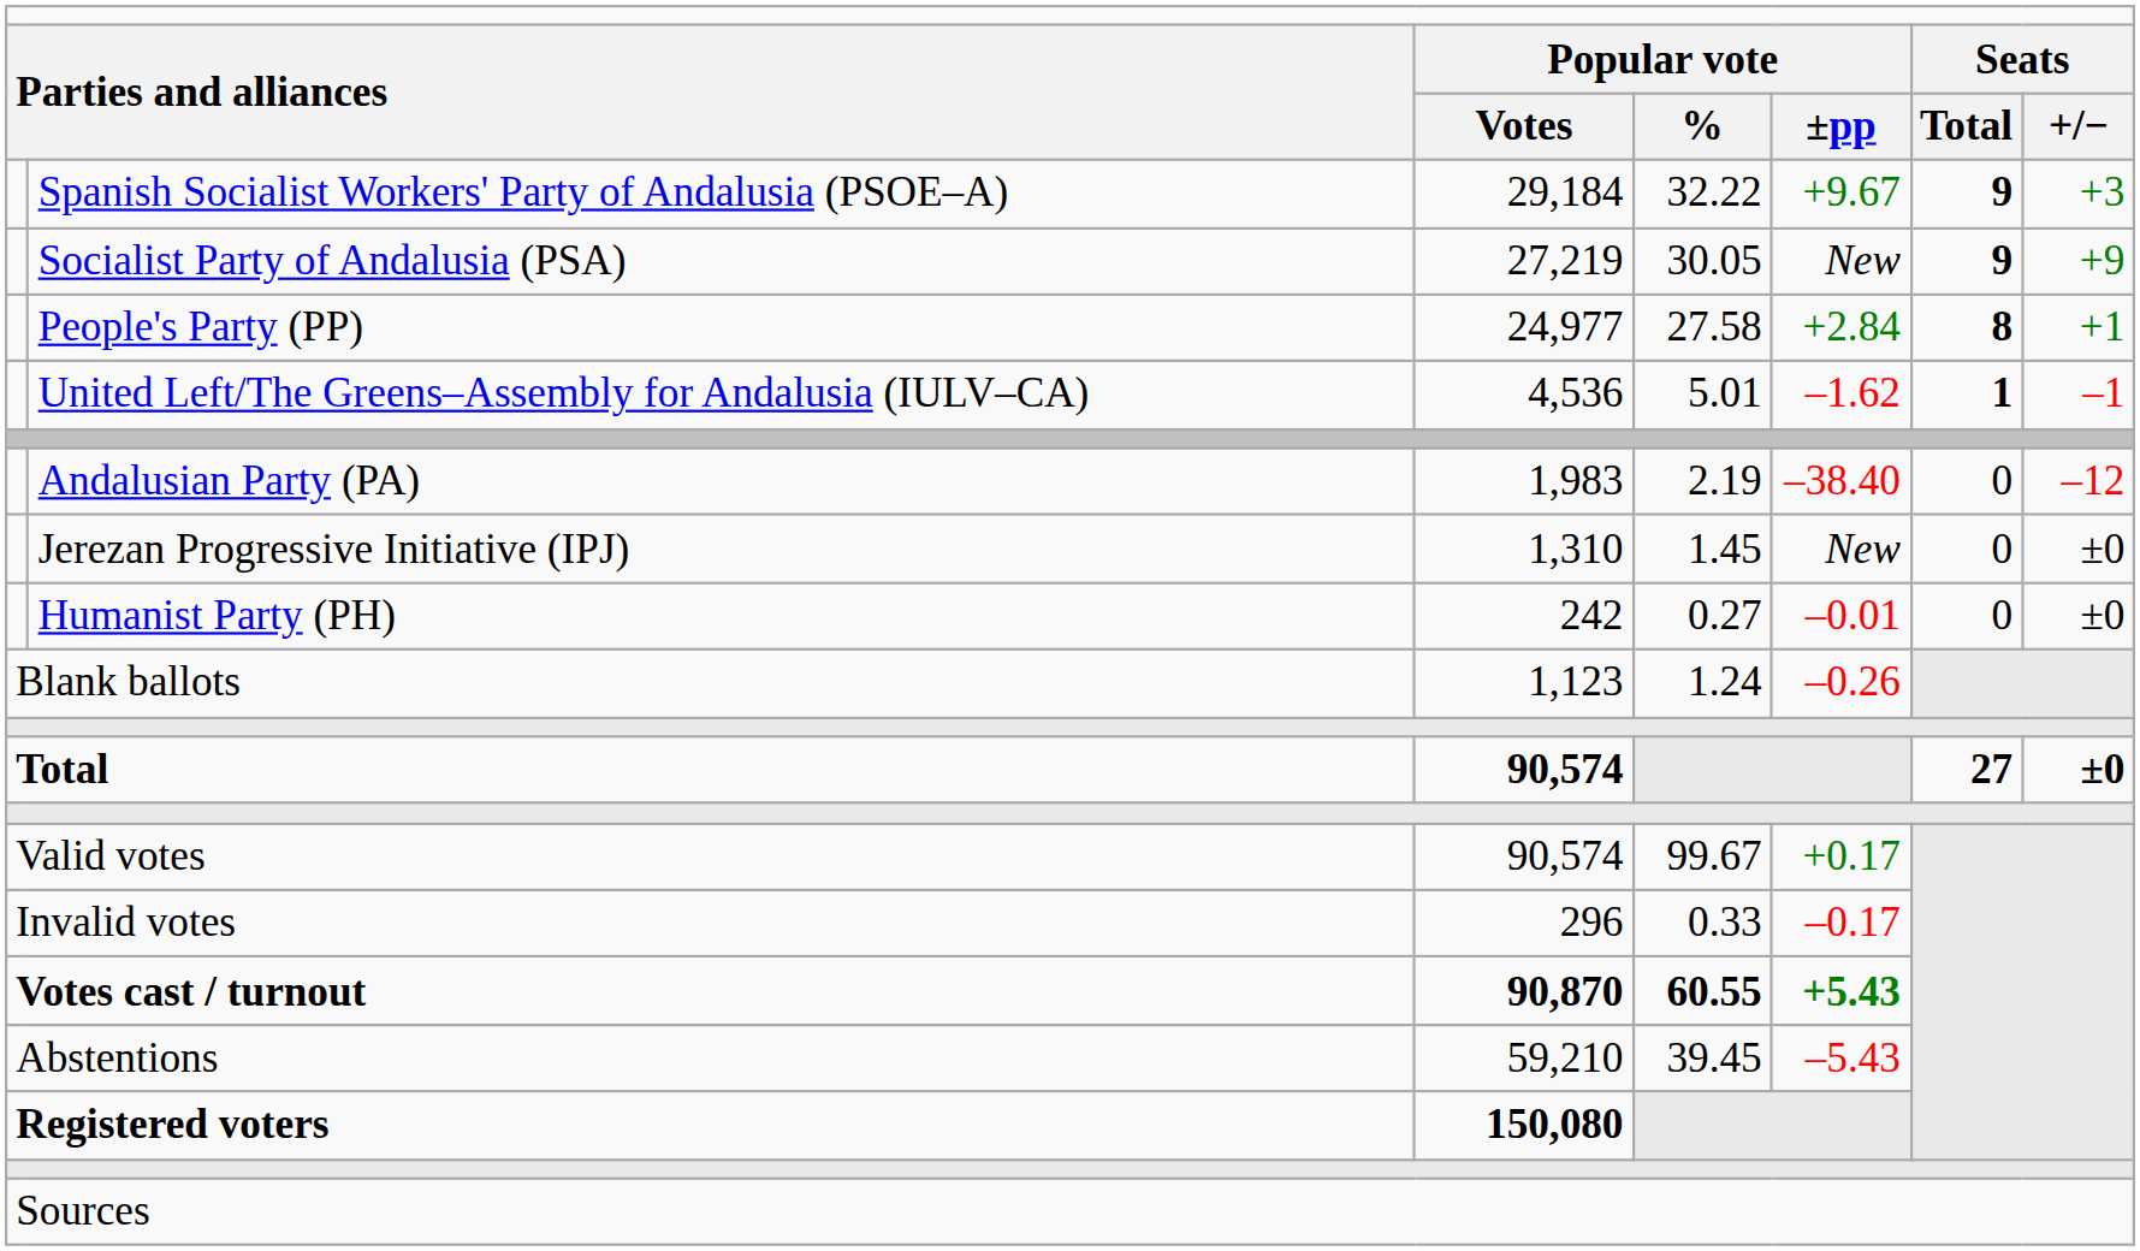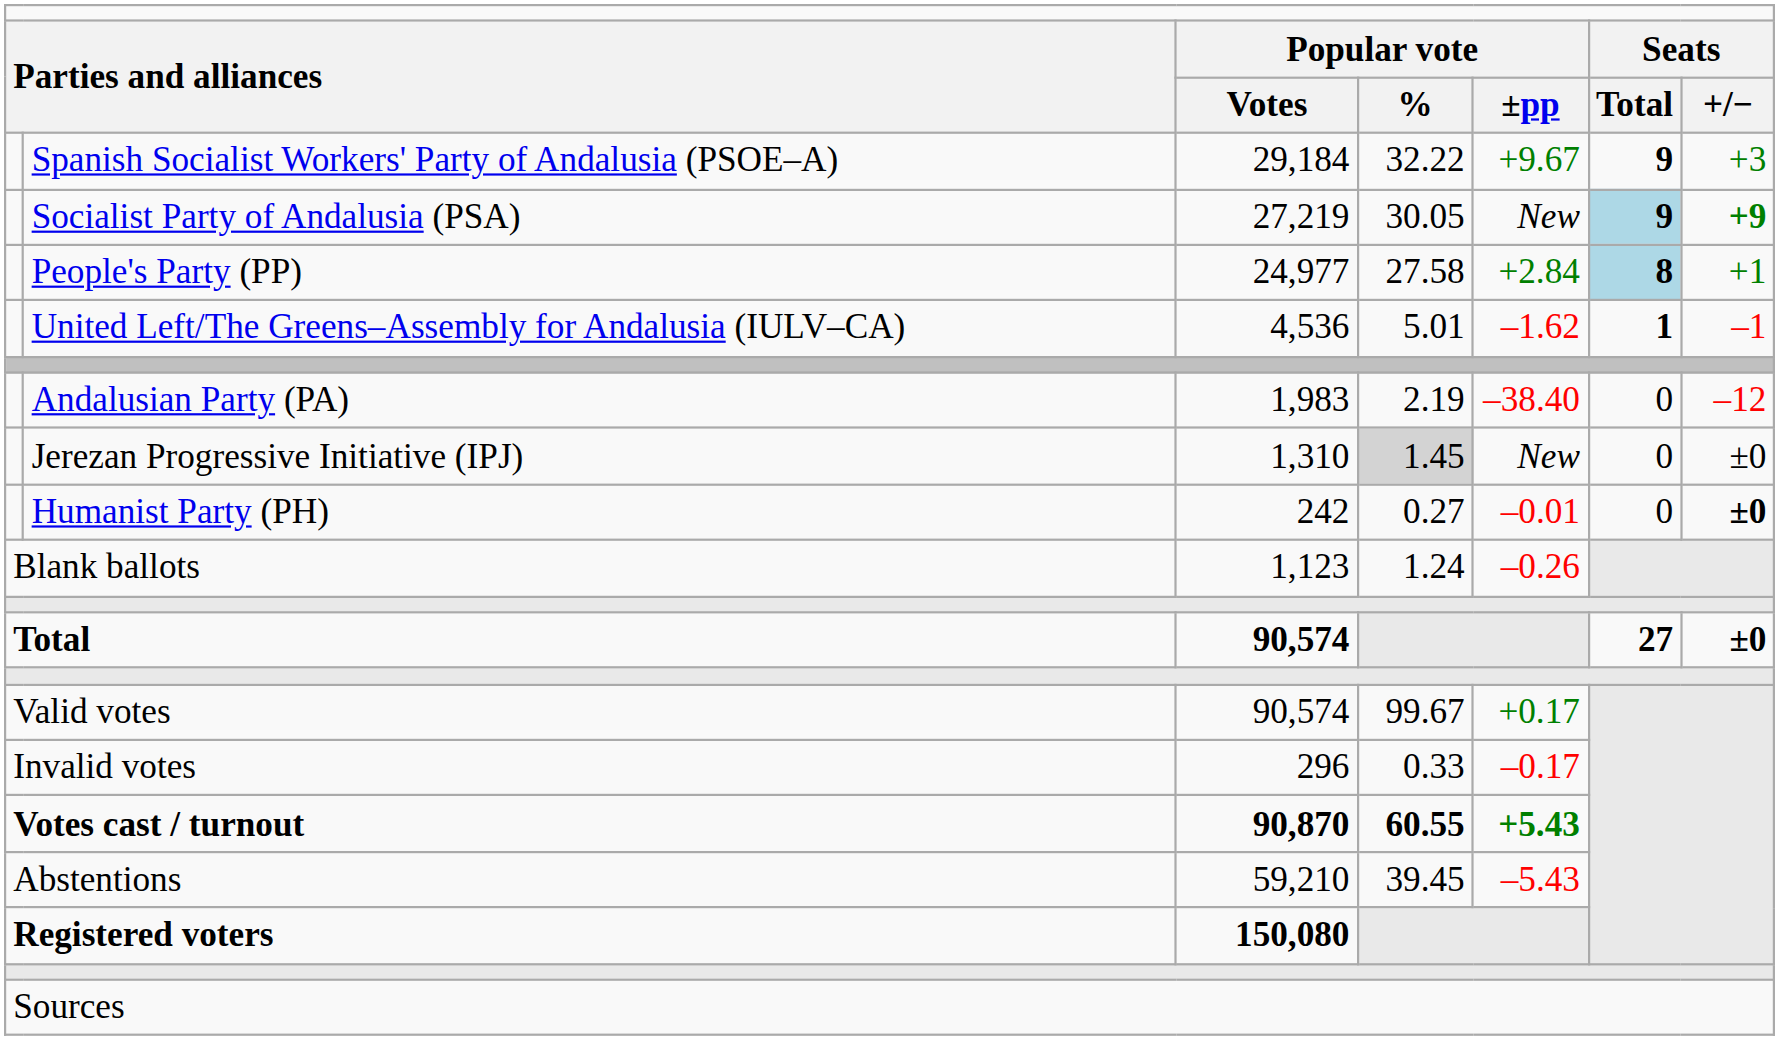 <table class="wikitable" style="text-align:right;">
 <tr>
 <td colspan="7"></td>
 </tr>
 <tr>
 <th style="text-align:left;" rowspan="2" colspan="2" width="525">Parties and alliances</th>
 <th colspan="3">Popular vote</th>
 <th colspan="2">Seats</th>
 </tr>
 <tr>
 <th width="75">Votes</th>
 <th width="45">%</th>
 <th width="45">±<a href='#'>pp</a></th>
 <th width="35">Total</th>
 <th width="35">+/−</th>
 </tr>
 <tr>
 <td width="1" style="color:inherit;background:"></td>
 <td align="left"><a href='#'>Spanish Socialist Workers' Party of Andalusia</a> (PSOE–A)</td>
 <td>29,184</td>
 <td>32.22</td>
 <td style="color:green;">+9.67</td>
 <td><strong>9</strong></td>
 <td style="color:green;">+3</td>
 </tr>
 <tr>
 <td style="color:inherit;background:"></td>
 <td align="left"><a href='#'>Socialist Party of Andalusia</a> (PSA)</td>
 <td>27,219</td>
 <td>30.05</td>
 <td><em>New</em></td>
-<td><strong>9</strong></td>
-<td style="color:green;">+9</td>
+<td style="background: lightblue;"><strong>9</strong></td>
+<td style="color:green;"><strong>+9</strong></td>
 </tr>
 <tr>
 <td style="color:inherit;background:"></td>
 <td align="left"><a href='#'>People's Party</a> (PP)</td>
 <td>24,977</td>
 <td>27.58</td>
 <td style="color:green;">+2.84</td>
-<td><strong>8</strong></td>
+<td style="background: lightblue;"><strong>8</strong></td>
 <td style="color:green;">+1</td>
 </tr>
 <tr>
 <td style="color:inherit;background:"></td>
 <td align="left"><a href='#'>United Left/The Greens–Assembly for Andalusia</a> (IULV–CA)</td>
 <td>4,536</td>
 <td>5.01</td>
 <td style="color:red;">–1.62</td>
 <td><strong>1</strong></td>
 <td style="color:red;">–1</td>
 </tr>
 <tr>
 <td colspan="7" bgcolor="#C0C0C0"></td>
 </tr>
 <tr>
 <td style="color:inherit;background:"></td>
 <td align="left"><a href='#'>Andalusian Party</a> (PA)</td>
 <td>1,983</td>
 <td>2.19</td>
 <td style="color:red;">–38.40</td>
 <td>0</td>
 <td style="color:red;">–12</td>
 </tr>
 <tr>
 <td style="color:inherit;background:"></td>
 <td align="left">Jerezan Progressive Initiative (IPJ)</td>
 <td>1,310</td>
-<td>1.45</td>
+<td style="background: lightgrey;">1.45</td>
 <td><em>New</em></td>
 <td>0</td>
 <td>±0</td>
 </tr>
 <tr>
 <td style="color:inherit;background:"></td>
 <td align="left"><a href='#'>Humanist Party</a> (PH)</td>
 <td>242</td>
 <td>0.27</td>
 <td style="color:red;">–0.01</td>
 <td>0</td>
-<td>±0</td>
+<td><strong>±0</strong></td>
 </tr>
 <tr>
 <td align="left" colspan="2">Blank ballots</td>
 <td>1,123</td>
 <td>1.24</td>
 <td style="color:red;">–0.26</td>
 <td bgcolor="#E9E9E9" colspan="2"></td>
 </tr>
 <tr>
 <td colspan="7" bgcolor="#E9E9E9"></td>
 </tr>
 <tr style="font-weight:bold;">
 <td align="left" colspan="2">Total</td>
 <td>90,574</td>
 <td bgcolor="#E9E9E9" colspan="2"></td>
 <td>27</td>
 <td>±0</td>
 </tr>
 <tr>
 <td colspan="7" bgcolor="#E9E9E9"></td>
 </tr>
 <tr>
 <td align="left" colspan="2">Valid votes</td>
 <td>90,574</td>
 <td>99.67</td>
 <td style="color:green;">+0.17</td>
 <td bgcolor="#E9E9E9" colspan="2" rowspan="5"></td>
 </tr>
 <tr>
 <td align="left" colspan="2">Invalid votes</td>
 <td>296</td>
 <td>0.33</td>
 <td style="color:red;">–0.17</td>
 </tr>
 <tr style="font-weight:bold;">
 <td align="left" colspan="2">Votes cast / turnout</td>
 <td>90,870</td>
 <td>60.55</td>
 <td style="color:green;">+5.43</td>
 </tr>
 <tr>
 <td align="left" colspan="2">Abstentions</td>
 <td>59,210</td>
 <td>39.45</td>
 <td style="color:red;">–5.43</td>
 </tr>
 <tr style="font-weight:bold;">
 <td align="left" colspan="2">Registered voters</td>
 <td>150,080</td>
 <td bgcolor="#E9E9E9" colspan="2"></td>
 </tr>
 <tr>
 <td colspan="7" bgcolor="#E9E9E9"></td>
 </tr>
 <tr>
 <td align="left" colspan="7">Sources</td>
 </tr>
 </table>
